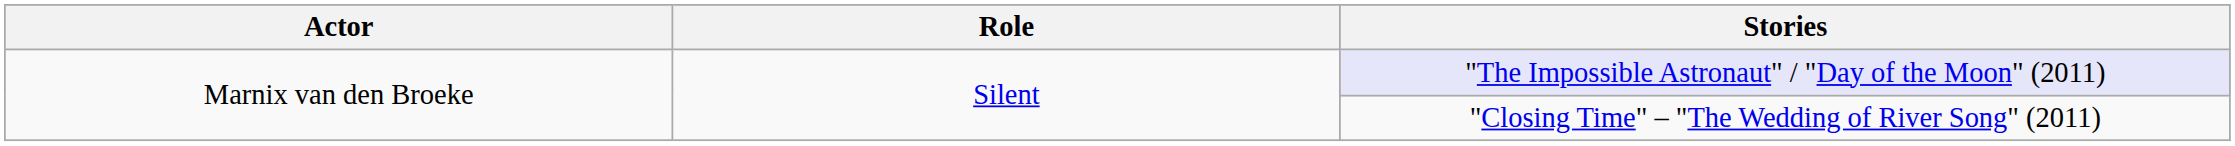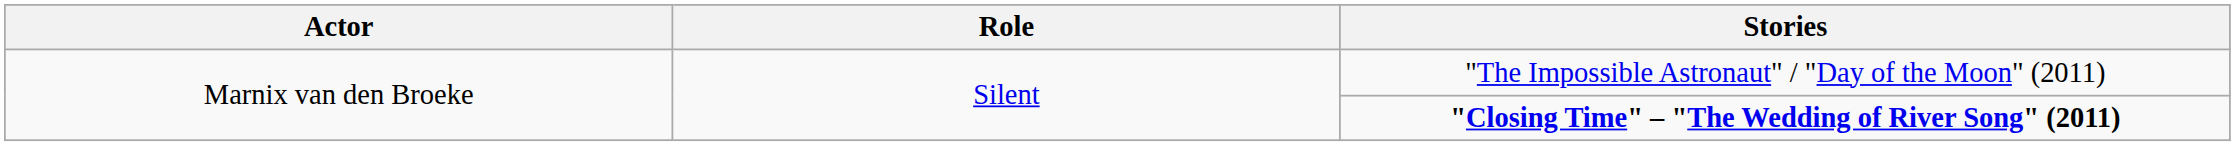 <table class="wikitable plainrowheaders sortable" style="text-align:center; width:99%;">
 <tr>
 <th style="width:30%;">Actor</th>
 <th scope="col" style="width:30%;">Role</th>
 <th scope="col" style="width:40%;">Stories</th>
 </tr>
 <tr>
 <td scope="row" rowspan="2">Marnix van den Broeke</td>
 <td rowspan="2"><a href='#'>Silent</a></td>
-<td data-sort-value="214a" style="background: lavender;">"<a href='#'>The Impossible Astronaut</a>" / "<a href='#'>Day of the Moon</a>" (2011)</td>
+<td data-sort-value="214a">"<a href='#'>The Impossible Astronaut</a>" / "<a href='#'>Day of the Moon</a>" (2011)</td>
 </tr>
 <tr>
-<td data-sort-value="223">"<a href='#'>Closing Time</a>" – "<a href='#'>The Wedding of River Song</a>" (2011)</td>
+<td data-sort-value="223"><strong>"<a href='#'>Closing Time</a>" – "<a href='#'>The Wedding of River Song</a>" (2011)</strong></td>
 </tr>
 </table>
